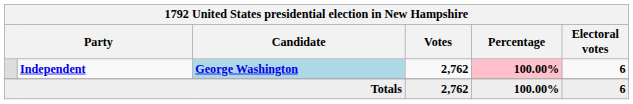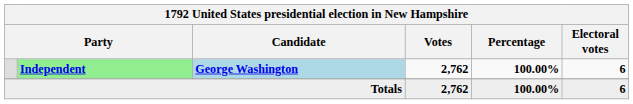 <table class="wikitable" style="font-size: 95%;">
 <tr>
 <th colspan="6">1792 United States presidential election in New Hampshire</th>
 </tr>
 <tr>
 <th colspan="2" style="width: 15em">Party</th>
 <th style="width: 17em">Candidate</th>
 <th style="width: 5em">Votes</th>
 <th style="width: 7em">Percentage</th>
 <th style="width: 5em">Electoral votes</th>
 </tr>
 <tr>
 <th style="background-color:#DDDDDD; width: 3px"></th>
-<td style="width: 130px"><strong><a href='#'>Independent</a></strong></td>
+<td style="background: lightgreen; width: 130px"><strong><a href='#'>Independent</a></strong></td>
 <td style="background: lightblue;"><strong><a href='#'>George Washington</a></strong></td>
 <td align="right"><strong>2,762</strong></td>
-<td align="right" style="background: pink;"><strong>100.00%</strong></td>
+<td align="right"><strong>100.00%</strong></td>
 <td align="right"><strong>6</strong></td>
 </tr>
 <tr>
 </tr>
 <tr bgcolor="#EEEEEE">
 <td colspan="3" align="right"><strong>Totals</strong></td>
 <td align="right"><strong>2,762</strong></td>
 <td align="right"><strong>100.00%</strong></td>
 <td align="right"><strong>6</strong></td>
 </tr>
 </table>
